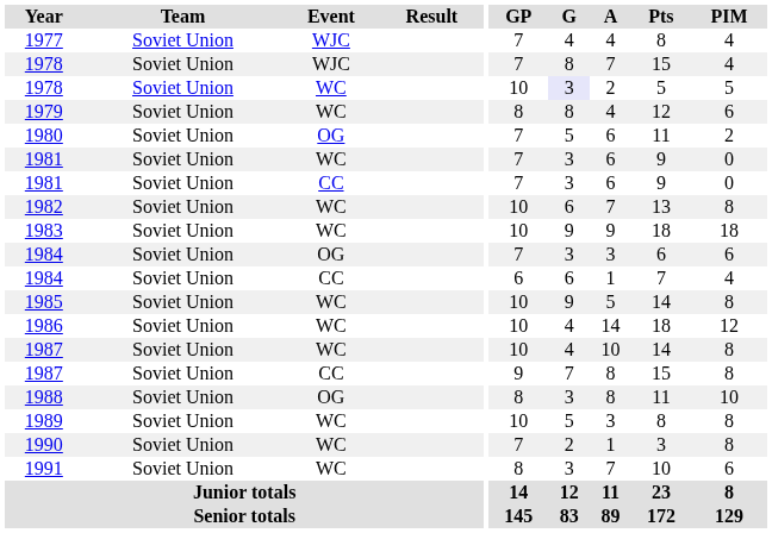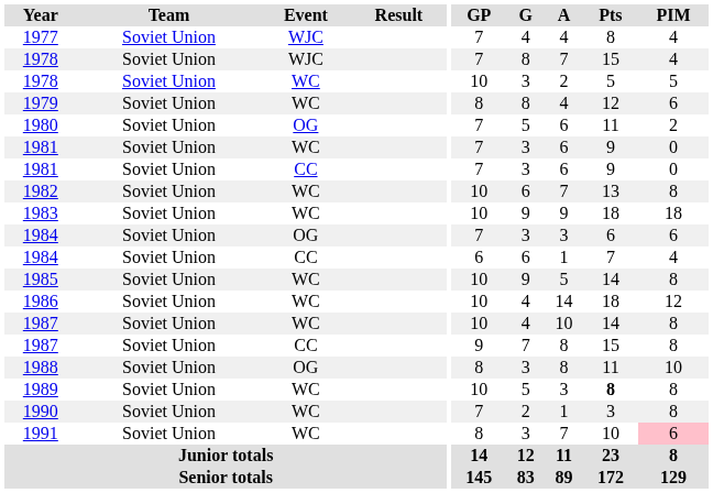 <table border="0" cellpadding="1" cellspacing="0" ID="Table3" style="text-align:center; width:40em">
 <tr ALIGN="center" bgcolor="#e0e0e0">
 <th>Year</th>
 <th>Team</th>
 <th>Event</th>
 <th>Result</th>
 <th rowspan="99" bgcolor="#ffffff"></th>
 <th>GP</th>
 <th>G</th>
 <th>A</th>
 <th>Pts</th>
 <th>PIM</th>
 </tr>
 <tr>
 <td><a href='#'>1977</a></td>
 <td><a href='#'>Soviet Union</a></td>
 <td><a href='#'>WJC</a></td>
 <td></td>
 <td>7</td>
 <td>4</td>
 <td>4</td>
 <td>8</td>
 <td>4</td>
 </tr>
 <tr bgcolor="f0f0f0">
 <td><a href='#'>1978</a></td>
 <td>Soviet Union</td>
 <td>WJC</td>
 <td></td>
 <td>7</td>
 <td>8</td>
 <td>7</td>
 <td>15</td>
 <td>4</td>
 </tr>
 <tr>
 <td><a href='#'>1978</a></td>
 <td><a href='#'>Soviet Union</a></td>
 <td><a href='#'>WC</a></td>
 <td></td>
 <td>10</td>
-<td style="background: lavender;">3</td>
+<td>3</td>
 <td>2</td>
 <td>5</td>
 <td>5</td>
 </tr>
 <tr bgcolor="f0f0f0">
 <td><a href='#'>1979</a></td>
 <td>Soviet Union</td>
 <td>WC</td>
 <td></td>
 <td>8</td>
 <td>8</td>
 <td>4</td>
 <td>12</td>
 <td>6</td>
 </tr>
 <tr>
 <td><a href='#'>1980</a></td>
 <td>Soviet Union</td>
 <td><a href='#'>OG</a></td>
 <td></td>
 <td>7</td>
 <td>5</td>
 <td>6</td>
 <td>11</td>
 <td>2</td>
 </tr>
 <tr bgcolor="f0f0f0">
 <td><a href='#'>1981</a></td>
 <td>Soviet Union</td>
 <td>WC</td>
 <td></td>
 <td>7</td>
 <td>3</td>
 <td>6</td>
 <td>9</td>
 <td>0</td>
 </tr>
 <tr>
 <td><a href='#'>1981</a></td>
 <td>Soviet Union</td>
 <td><a href='#'>CC</a></td>
 <td></td>
 <td>7</td>
 <td>3</td>
 <td>6</td>
 <td>9</td>
 <td>0</td>
 </tr>
 <tr bgcolor="f0f0f0">
 <td><a href='#'>1982</a></td>
 <td>Soviet Union</td>
 <td>WC</td>
 <td></td>
 <td>10</td>
 <td>6</td>
 <td>7</td>
 <td>13</td>
 <td>8</td>
 </tr>
 <tr>
 <td><a href='#'>1983</a></td>
 <td>Soviet Union</td>
 <td>WC</td>
 <td></td>
 <td>10</td>
 <td>9</td>
 <td>9</td>
 <td>18</td>
 <td>18</td>
 </tr>
 <tr bgcolor="f0f0f0">
 <td><a href='#'>1984</a></td>
 <td>Soviet Union</td>
 <td>OG</td>
 <td></td>
 <td>7</td>
 <td>3</td>
 <td>3</td>
 <td>6</td>
 <td>6</td>
 </tr>
 <tr>
 <td><a href='#'>1984</a></td>
 <td>Soviet Union</td>
 <td>CC</td>
 <td></td>
 <td>6</td>
 <td>6</td>
 <td>1</td>
 <td>7</td>
 <td>4</td>
 </tr>
 <tr bgcolor="f0f0f0">
 <td><a href='#'>1985</a></td>
 <td>Soviet Union</td>
 <td>WC</td>
 <td></td>
 <td>10</td>
 <td>9</td>
 <td>5</td>
 <td>14</td>
 <td>8</td>
 </tr>
 <tr>
 <td><a href='#'>1986</a></td>
 <td>Soviet Union</td>
 <td>WC</td>
 <td></td>
 <td>10</td>
 <td>4</td>
 <td>14</td>
 <td>18</td>
 <td>12</td>
 </tr>
 <tr bgcolor="f0f0f0">
 <td><a href='#'>1987</a></td>
 <td>Soviet Union</td>
 <td>WC</td>
 <td></td>
 <td>10</td>
 <td>4</td>
 <td>10</td>
 <td>14</td>
 <td>8</td>
 </tr>
 <tr>
 <td><a href='#'>1987</a></td>
 <td>Soviet Union</td>
 <td>CC</td>
 <td></td>
 <td>9</td>
 <td>7</td>
 <td>8</td>
 <td>15</td>
 <td>8</td>
 </tr>
 <tr bgcolor="f0f0f0">
 <td><a href='#'>1988</a></td>
 <td>Soviet Union</td>
 <td>OG</td>
 <td></td>
 <td>8</td>
 <td>3</td>
 <td>8</td>
 <td>11</td>
 <td>10</td>
 </tr>
 <tr>
 <td><a href='#'>1989</a></td>
 <td>Soviet Union</td>
 <td>WC</td>
 <td></td>
 <td>10</td>
 <td>5</td>
 <td>3</td>
-<td>8</td>
+<td><strong>8</strong></td>
 <td>8</td>
 </tr>
 <tr bgcolor="f0f0f0">
 <td><a href='#'>1990</a></td>
 <td>Soviet Union</td>
 <td>WC</td>
 <td></td>
 <td>7</td>
 <td>2</td>
 <td>1</td>
 <td>3</td>
 <td>8</td>
 </tr>
 <tr>
 <td><a href='#'>1991</a></td>
 <td>Soviet Union</td>
 <td>WC</td>
 <td></td>
 <td>8</td>
 <td>3</td>
 <td>7</td>
 <td>10</td>
-<td>6</td>
+<td style="background: pink;">6</td>
 </tr>
 <tr bgcolor="#e0e0e0">
 <th colspan=4>Junior totals</th>
 <th>14</th>
 <th>12</th>
 <th>11</th>
 <th>23</th>
 <th>8</th>
 </tr>
 <tr bgcolor="#e0e0e0">
 <th colspan=4>Senior totals</th>
 <th>145</th>
 <th>83</th>
 <th>89</th>
 <th>172</th>
 <th>129</th>
 </tr>
 </table>
